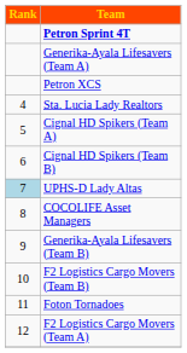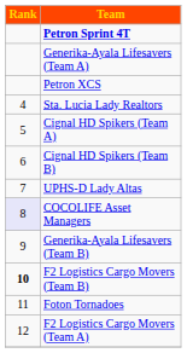 <table class="wikitable" style="text-align: center;">
 <tr>
 <th width=40 style="background:#FF4500; color:#FFD700;">Rank</th>
 <th width=180 style="background:#FF4500; color:#FFD700;">Team</th>
 </tr>
 <tr>
 <td></td>
 <td align="left"><strong><a href='#'>Petron Sprint 4T</a></strong></td>
 </tr>
 <tr>
 <td></td>
 <td align="left"><a href='#'>Generika-Ayala Lifesavers (Team A)</a></td>
 </tr>
 <tr>
 <td></td>
 <td align="left"><a href='#'>Petron XCS</a></td>
 </tr>
 <tr>
 <td>4</td>
 <td align="left"><a href='#'>Sta. Lucia Lady Realtors</a></td>
 </tr>
 <tr>
 <td>5</td>
 <td align="left"><a href='#'>Cignal HD Spikers (Team A)</a></td>
 </tr>
 <tr>
 <td>6</td>
 <td align="left"><a href='#'>Cignal HD Spikers (Team B)</a></td>
 </tr>
 <tr>
-<td style="background: lightblue;">7</td>
+<td>7</td>
 <td align="left"><a href='#'>UPHS-D Lady Altas</a></td>
 </tr>
 <tr>
-<td>8</td>
+<td style="background: lavender;">8</td>
 <td align="left"><a href='#'>COCOLIFE Asset Managers</a></td>
 </tr>
 <tr>
 <td>9</td>
 <td align="left"><a href='#'>Generika-Ayala Lifesavers (Team B)</a></td>
 </tr>
 <tr>
-<td>10</td>
+<td><strong>10</strong></td>
 <td align="left"><a href='#'>F2 Logistics Cargo Movers (Team B)</a></td>
 </tr>
 <tr>
 <td>11</td>
 <td align="left"><a href='#'>Foton Tornadoes</a></td>
 </tr>
 <tr>
 <td>12</td>
 <td align="left"><a href='#'>F2 Logistics Cargo Movers (Team A)</a></td>
 </tr>
 <tr>
 </tr>
 </table>
